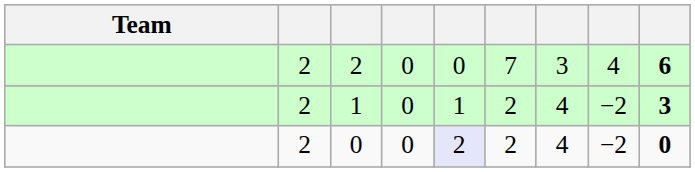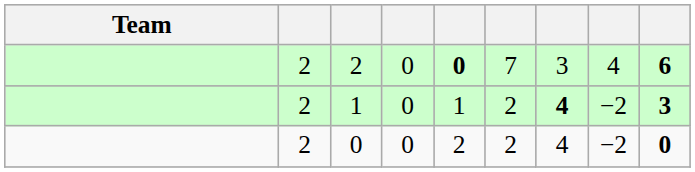 <table class=wikitable style="text-align:center">
 <tr>
 <th width=165>Team</th>
 <th width=25></th>
 <th width=25></th>
 <th width=25></th>
 <th width=25></th>
 <th width=25></th>
 <th width=25></th>
 <th width=25></th>
 <th width=25></th>
 </tr>
 <tr style="background:#ccffcc">
 <td style="text-align:left"></td>
 <td>2</td>
 <td>2</td>
 <td>0</td>
-<td>0</td>
+<td><strong>0</strong></td>
 <td>7</td>
 <td>3</td>
 <td>4</td>
 <td><strong>6</strong></td>
 </tr>
 <tr style="background:#ccffcc">
 <td style="text-align:left"></td>
 <td>2</td>
 <td>1</td>
 <td>0</td>
 <td>1</td>
 <td>2</td>
-<td>4</td>
+<td><strong>4</strong></td>
 <td>−2</td>
 <td><strong>3</strong></td>
 </tr>
 <tr>
 <td style="text-align:left"></td>
 <td>2</td>
 <td>0</td>
 <td>0</td>
-<td style="background: lavender;">2</td>
+<td>2</td>
 <td>2</td>
 <td>4</td>
 <td>−2</td>
 <td><strong>0</strong></td>
 </tr>
 </table>
